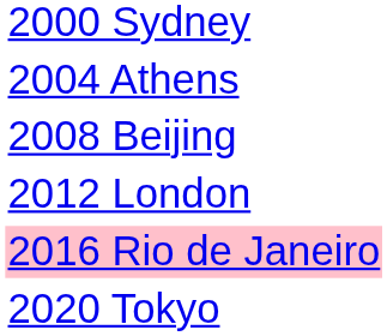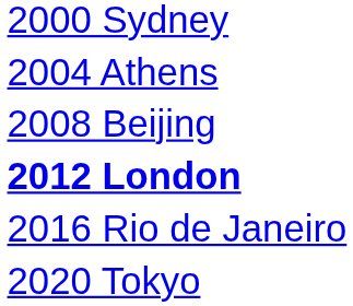 <table>
 <tr>
 <td><a href='#'>2000 Sydney</a><br></td>
 <td></td>
 <td></td>
 <td></td>
 </tr>
 <tr>
 <td><a href='#'>2004 Athens</a><br></td>
 <td></td>
 <td></td>
 <td></td>
 </tr>
 <tr>
 <td><a href='#'>2008 Beijing</a><br></td>
 <td></td>
 <td></td>
 <td></td>
 </tr>
 <tr>
-<td><a href='#'>2012 London</a><br></td>
+<td><strong><a href='#'>2012 London</a><br></strong></td>
 <td></td>
 <td></td>
 <td></td>
 </tr>
 <tr>
-<td style="background: pink;"><a href='#'>2016 Rio de Janeiro</a><br></td>
+<td><a href='#'>2016 Rio de Janeiro</a><br></td>
 <td></td>
 <td></td>
 <td></td>
 </tr>
 <tr>
 <td><a href='#'>2020 Tokyo</a><br></td>
 <td></td>
 <td></td>
 <td></td>
 </tr>
 <tr>
 </tr>
 </table>
